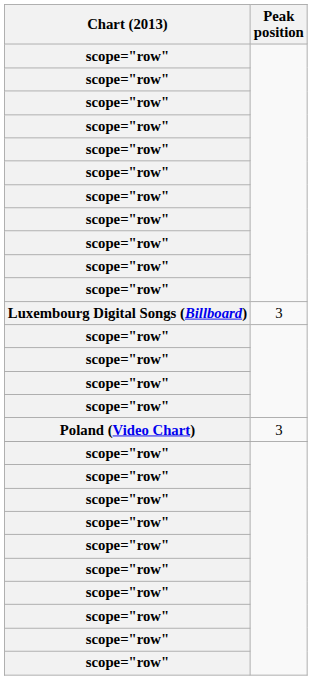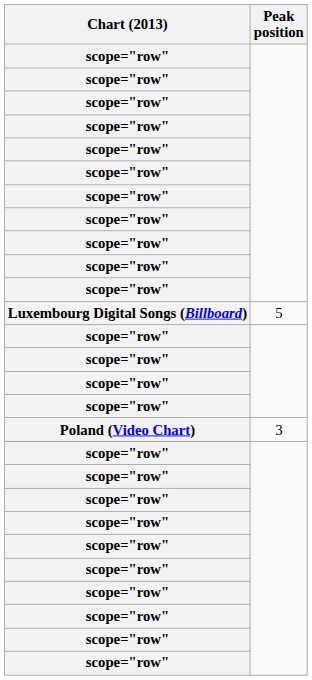 <table class="wikitable sortable plainrowheaders" style="text-align:center;">
 <tr>
 <th scope="col">Chart (2013)</th>
 <th scope="col">Peak<br>position</th>
 </tr>
 <tr>
 <th>scope="row"</th>
 </tr>
 <tr>
 <th>scope="row"</th>
 </tr>
 <tr>
 <th>scope="row"</th>
 </tr>
 <tr>
 <th>scope="row"</th>
 </tr>
 <tr>
 <th>scope="row"</th>
 </tr>
 <tr>
 <th>scope="row"</th>
 </tr>
 <tr>
 <th>scope="row"</th>
 </tr>
 <tr>
 <th>scope="row"</th>
 </tr>
 <tr>
 <th>scope="row"</th>
 </tr>
 <tr>
 <th>scope="row"</th>
 </tr>
 <tr>
 <th>scope="row"</th>
 </tr>
 <tr>
 <th scope="row">Luxembourg Digital Songs (<em><a href='#'>Billboard</a></em>)</th>
-<td style="text-align:center;">3</td>
+<td style="text-align:center;">5</td>
 </tr>
 <tr>
 <th>scope="row"</th>
 </tr>
 <tr>
 <th>scope="row"</th>
 </tr>
 <tr>
 <th>scope="row"</th>
 </tr>
 <tr>
 <th>scope="row"</th>
 </tr>
 <tr>
 <th scope="row">Poland (<a href='#'>Video Chart</a>)</th>
 <td align=center>3</td>
 </tr>
 <tr>
 </tr>
 <tr>
 <th>scope="row"</th>
 </tr>
 <tr>
 <th>scope="row"</th>
 </tr>
 <tr>
 <th>scope="row"</th>
 </tr>
 <tr>
 <th>scope="row"</th>
 </tr>
 <tr>
 <th>scope="row"</th>
 </tr>
 <tr>
 <th>scope="row"</th>
 </tr>
 <tr>
 <th>scope="row"</th>
 </tr>
 <tr>
 <th>scope="row"</th>
 </tr>
 <tr>
 <th>scope="row"</th>
 </tr>
 <tr>
 <th>scope="row" </th>
 </tr>
 </table>
